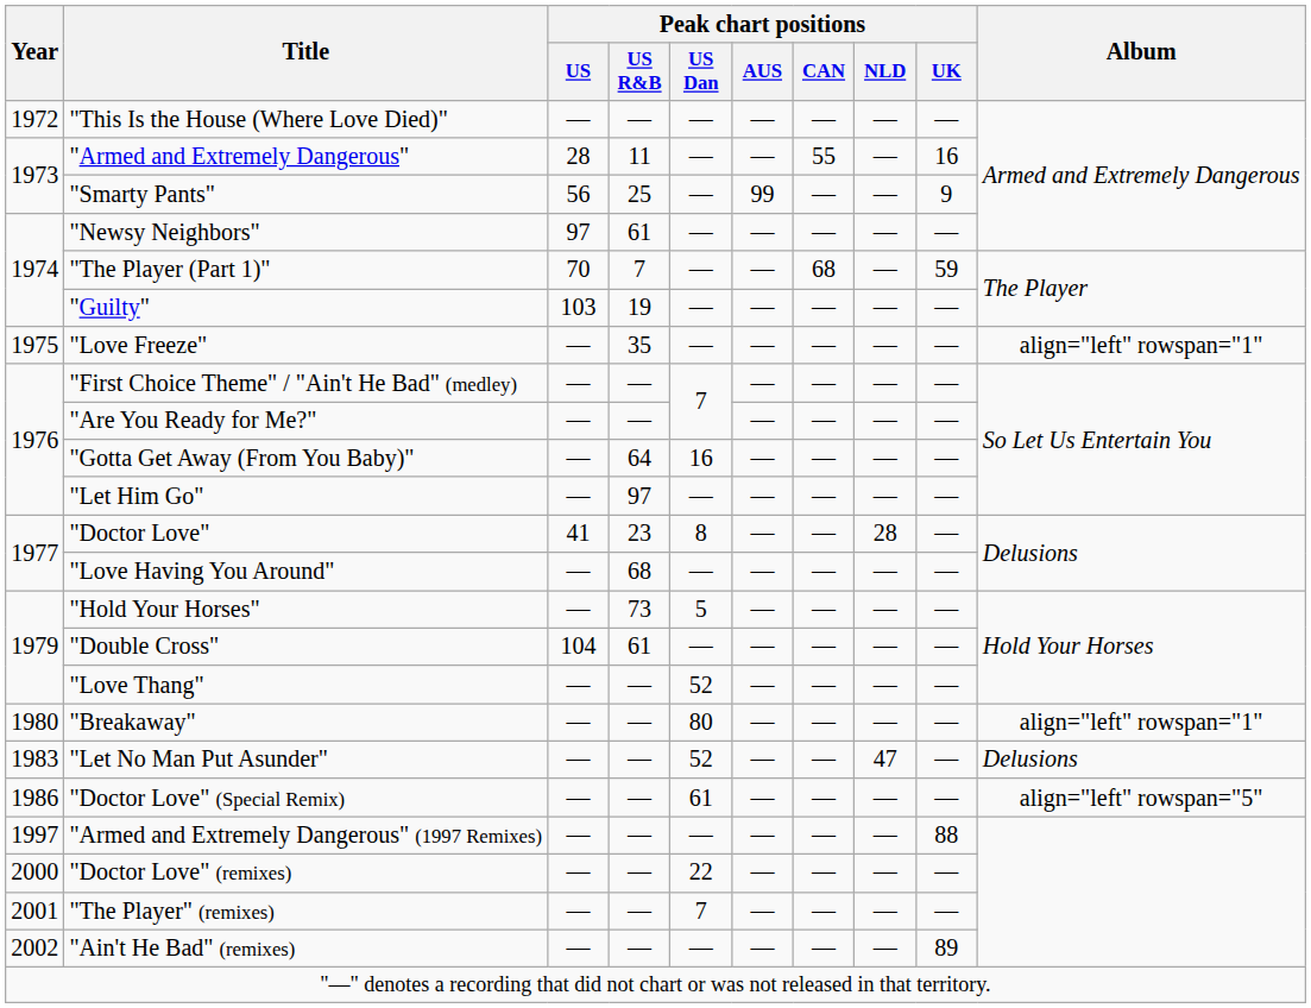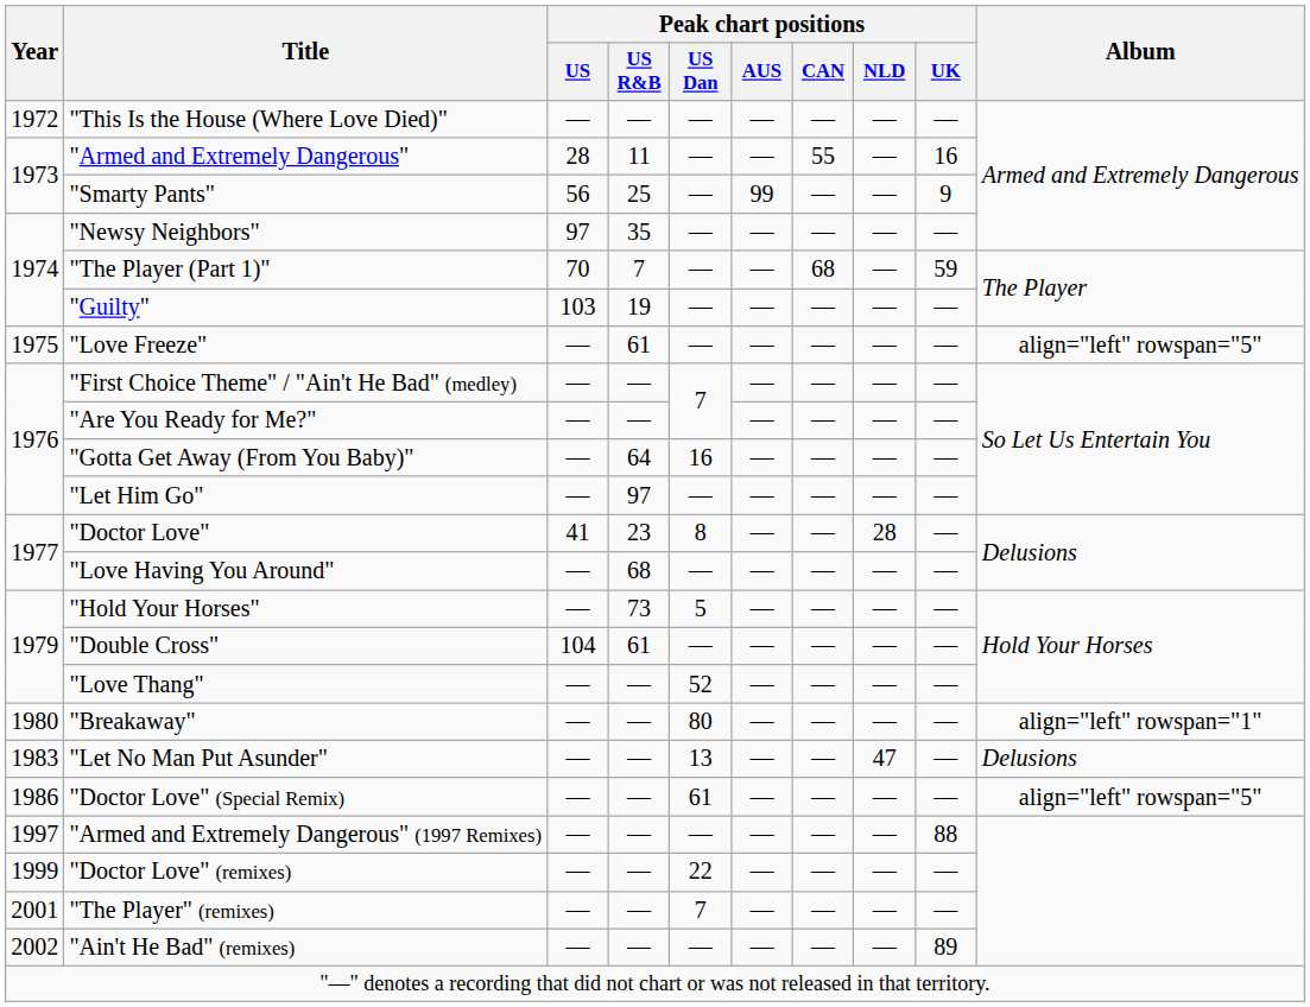 <table class="wikitable" style="text-align:center;">
 <tr>
 <th rowspan="2">Year</th>
 <th rowspan="2">Title</th>
 <th colspan="7">Peak chart positions</th>
 <th rowspan="2">Album</th>
 </tr>
 <tr style="font-size:smaller;">
 <th width="35"><a href='#'>US</a><br></th>
 <th width="35"><a href='#'>US<br>R&B</a><br></th>
 <th width="35"><a href='#'>US<br>Dan</a><br></th>
 <th width="35"><a href='#'>AUS</a><br></th>
 <th width="35"><a href='#'>CAN</a><br></th>
 <th width="35"><a href='#'>NLD</a><br></th>
 <th width="35"><a href='#'>UK</a><br></th>
 </tr>
 <tr>
 <td rowspan="1">1972</td>
 <td align="left">"This Is the House (Where Love Died)"</td>
 <td>—</td>
 <td>—</td>
 <td>—</td>
 <td>—</td>
 <td>—</td>
 <td>—</td>
 <td>—</td>
 <td align="left" rowspan="4"><em>Armed and Extremely Dangerous</em></td>
 </tr>
 <tr>
 <td rowspan="2">1973</td>
 <td align="left">"<a href='#'>Armed and Extremely Dangerous</a>"</td>
 <td>28</td>
 <td>11</td>
 <td>—</td>
 <td>—</td>
 <td>55</td>
 <td>—</td>
 <td>16</td>
 </tr>
 <tr>
 <td align="left">"Smarty Pants"</td>
 <td>56</td>
 <td>25</td>
 <td>—</td>
 <td>99</td>
 <td>—</td>
 <td>—</td>
 <td>9</td>
 </tr>
 <tr>
 <td rowspan="3">1974</td>
 <td align="left">"Newsy Neighbors"</td>
 <td>97</td>
-<td>61</td>
+<td>35</td>
 <td>—</td>
 <td>—</td>
 <td>—</td>
 <td>—</td>
 <td>—</td>
 </tr>
 <tr>
 <td align="left">"The Player (Part 1)"</td>
 <td>70</td>
 <td>7</td>
 <td>—</td>
 <td>—</td>
 <td>68</td>
 <td>—</td>
 <td>59</td>
 <td align="left" rowspan="2"><em>The Player</em></td>
 </tr>
 <tr>
 <td align="left">"<a href='#'>Guilty</a>"</td>
 <td>103</td>
 <td>19</td>
 <td>—</td>
 <td>—</td>
 <td>—</td>
 <td>—</td>
 <td>—</td>
 </tr>
 <tr>
 <td rowspan="1">1975</td>
 <td align="left">"Love Freeze"</td>
 <td>—</td>
-<td>35</td>
+<td>61</td>
 <td>—</td>
 <td>—</td>
 <td>—</td>
 <td>—</td>
 <td>—</td>
-<td>align="left" rowspan="1" </td>
+<td>align="left" rowspan="5" </td>
 </tr>
 <tr>
 <td rowspan="4">1976</td>
 <td align="left">"First Choice Theme" / "Ain't He Bad" <small>(medley)</small></td>
 <td>—</td>
 <td>—</td>
 <td rowspan="2">7</td>
 <td>—</td>
 <td>—</td>
 <td>—</td>
 <td>—</td>
 <td align="left" rowspan="4"><em>So Let Us Entertain You</em></td>
 </tr>
 <tr>
 <td align="left">"Are You Ready for Me?"</td>
 <td>—</td>
 <td>—</td>
 <td>—</td>
 <td>—</td>
 <td>—</td>
 <td>—</td>
 </tr>
 <tr>
 <td align="left">"Gotta Get Away (From You Baby)"</td>
 <td>—</td>
 <td>64</td>
 <td>16</td>
 <td>—</td>
 <td>—</td>
 <td>—</td>
 <td>—</td>
 </tr>
 <tr>
 <td align="left">"Let Him Go"</td>
 <td>—</td>
 <td>97</td>
 <td>—</td>
 <td>—</td>
 <td>—</td>
 <td>—</td>
 <td>—</td>
 </tr>
 <tr>
 <td rowspan="2">1977</td>
 <td align="left">"Doctor Love"</td>
 <td>41</td>
 <td>23</td>
 <td>8</td>
 <td>—</td>
 <td>—</td>
 <td>28</td>
 <td>—</td>
 <td align="left" rowspan="2"><em>Delusions</em></td>
 </tr>
 <tr>
 <td align="left">"Love Having You Around"</td>
 <td>—</td>
 <td>68</td>
 <td>—</td>
 <td>—</td>
 <td>—</td>
 <td>—</td>
 <td>—</td>
 </tr>
 <tr>
 <td rowspan="3">1979</td>
 <td align="left">"Hold Your Horses"</td>
 <td>—</td>
 <td>73</td>
 <td>5</td>
 <td>—</td>
 <td>—</td>
 <td>—</td>
 <td>—</td>
 <td align="left" rowspan="3"><em>Hold Your Horses</em></td>
 </tr>
 <tr>
 <td align="left">"Double Cross"</td>
 <td>104</td>
 <td>61</td>
 <td>—</td>
 <td>—</td>
 <td>—</td>
 <td>—</td>
 <td>—</td>
 </tr>
 <tr>
 <td align="left">"Love Thang"</td>
 <td>—</td>
 <td>—</td>
 <td>52</td>
 <td>—</td>
 <td>—</td>
 <td>—</td>
 <td>—</td>
 </tr>
 <tr>
 <td rowspan="1">1980</td>
 <td align="left">"Breakaway"</td>
 <td>—</td>
 <td>—</td>
 <td>80</td>
 <td>—</td>
 <td>—</td>
 <td>—</td>
 <td>—</td>
 <td>align="left" rowspan="1" </td>
 </tr>
 <tr>
 <td rowspan="1">1983</td>
 <td align="left">"Let No Man Put Asunder"</td>
 <td>—</td>
 <td>—</td>
-<td>52</td>
+<td>13</td>
 <td>—</td>
 <td>—</td>
 <td>47</td>
 <td>—</td>
 <td align="left" rowspan="1"><em>Delusions</em></td>
 </tr>
 <tr>
 <td rowspan="1">1986</td>
 <td align="left">"Doctor Love" <small>(Special Remix)</small></td>
 <td>—</td>
 <td>—</td>
 <td>61</td>
 <td>—</td>
 <td>—</td>
 <td>—</td>
 <td>—</td>
 <td>align="left" rowspan="5" </td>
 </tr>
 <tr>
 <td rowspan="1">1997</td>
 <td align="left">"Armed and Extremely Dangerous" <small>(1997 Remixes)</small></td>
 <td>—</td>
 <td>—</td>
 <td>—</td>
 <td>—</td>
 <td>—</td>
 <td>—</td>
 <td>88</td>
 </tr>
 <tr>
-<td rowspan="1">2000</td>
+<td rowspan="1">1999</td>
 <td align="left">"Doctor Love" <small>(remixes)</small></td>
 <td>—</td>
 <td>—</td>
 <td>22</td>
 <td>—</td>
 <td>—</td>
 <td>—</td>
 <td>—</td>
 </tr>
 <tr>
 <td rowspan="1">2001</td>
 <td align="left">"The Player" <small>(remixes)</small></td>
 <td>—</td>
 <td>—</td>
 <td>7</td>
 <td>—</td>
 <td>—</td>
 <td>—</td>
 <td>—</td>
 </tr>
 <tr>
 <td rowspan="1">2002</td>
 <td align="left">"Ain't He Bad" <small>(remixes)</small></td>
 <td>—</td>
 <td>—</td>
 <td>—</td>
 <td>—</td>
 <td>—</td>
 <td>—</td>
 <td>89</td>
 </tr>
 <tr>
 <td colspan="15" style="font-size:90%">"—" denotes a recording that did not chart or was not released in that territory.</td>
 </tr>
 </table>
